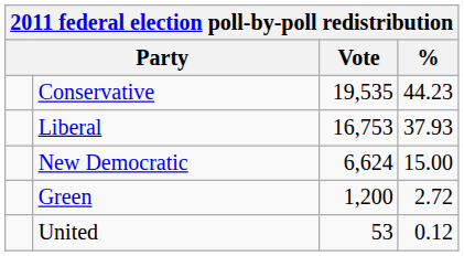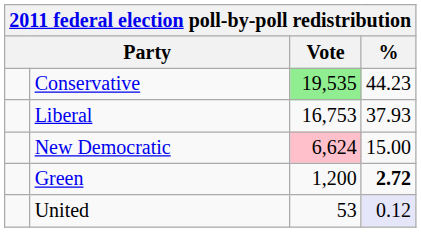 <table class="wikitable">
 <tr>
 <th colspan="4"><a href='#'>2011 federal election</a> poll-by-poll redistribution</th>
 </tr>
 <tr>
 <th bgcolor="#DDDDFF" width="130px" colspan="2">Party</th>
 <th bgcolor="#DDDDFF" width="50px">Vote</th>
 <th bgcolor="#DDDDFF" width="30px">%</th>
 </tr>
 <tr>
 <td> </td>
 <td><a href='#'>Conservative</a></td>
-<td align=right>19,535</td>
+<td align=right style="background: lightgreen;">19,535</td>
 <td align=right>44.23</td>
 </tr>
 <tr>
 <td> </td>
 <td><a href='#'>Liberal</a></td>
 <td align=right>16,753</td>
 <td align=right>37.93</td>
 </tr>
 <tr>
 <td> </td>
 <td><a href='#'>New Democratic</a></td>
-<td align=right>6,624</td>
+<td align=right style="background: pink;">6,624</td>
 <td align=right>15.00</td>
 </tr>
 <tr>
 <td> </td>
 <td><a href='#'>Green</a></td>
 <td align=right>1,200</td>
-<td align=right>2.72</td>
+<td align=right><strong>2.72</strong></td>
 </tr>
 <tr>
 <td> </td>
 <td>United</td>
 <td align=right>53</td>
-<td align=right>0.12</td>
+<td align=right style="background: lavender;">0.12</td>
 </tr>
 </table>
